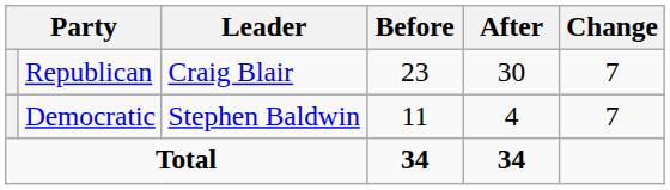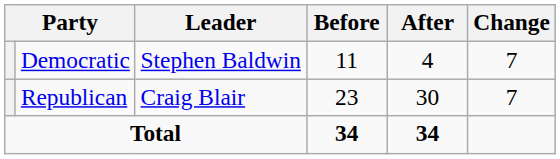 <table class="wikitable" style="text-align:center;">
 <tr>
 <th colspan="2">Party</th>
 <th>Leader</th>
 <th style="width:3em">Before</th>
 <th style="width:3em">After</th>
 <th style="width:3em">Change</th>
 </tr>
 <tr>
 <th style="background-color:"></th>
+<td style="text-align:left;"><a href='#'>Democratic</a></td>
+<td style="text-align:left;"><a href='#'>Stephen Baldwin</a></td>
+<td>11</td>
+<td>4</td>
+<td> 7</td>
+</tr>
+<tr>
+<th style="background-color:"></th>
 <td style="text-align:left;"><a href='#'>Republican</a></td>
 <td style="text-align:left;"><a href='#'>Craig Blair</a></td>
 <td>23</td>
 <td>30</td>
-<td> 7</td>
-</tr>
-<tr>
-<th style="background-color:"></th>
-<td style="text-align:left;"><a href='#'>Democratic</a></td>
-<td style="text-align:left;"><a href='#'>Stephen Baldwin</a></td>
-<td>11</td>
-<td>4</td>
 <td> 7</td>
 </tr>
 <tr>
 <td colspan="3"><strong>Total</strong></td>
 <td><strong>34</strong></td>
 <td><strong>34</strong></td>
 <td></td>
 </tr>
 </table>
